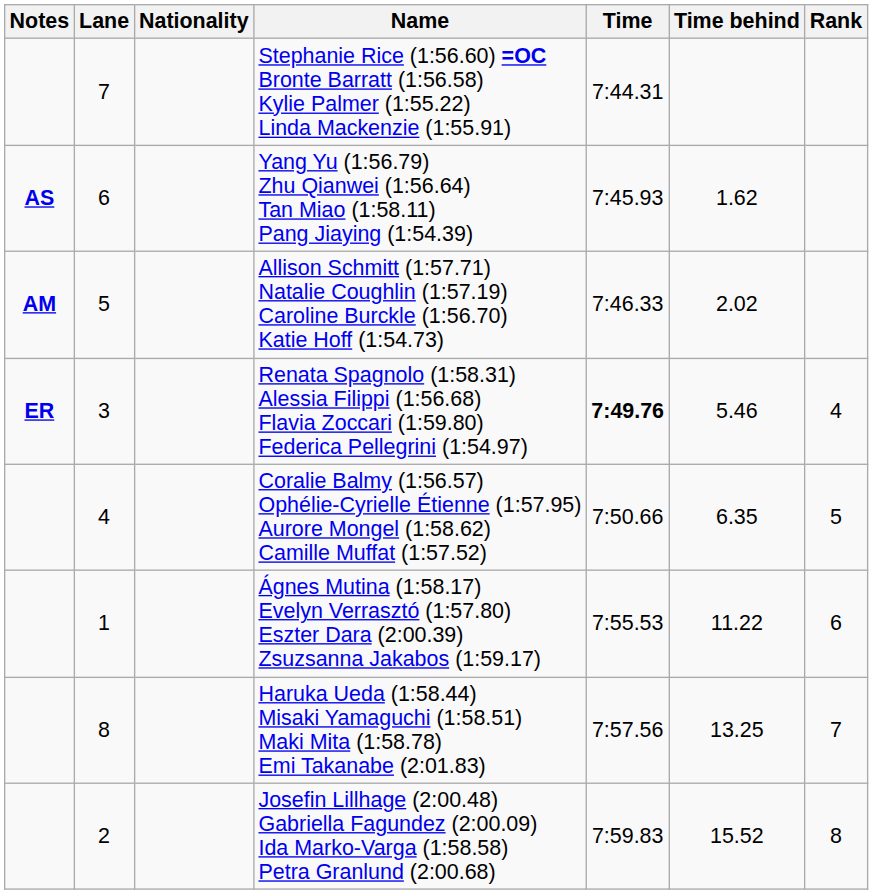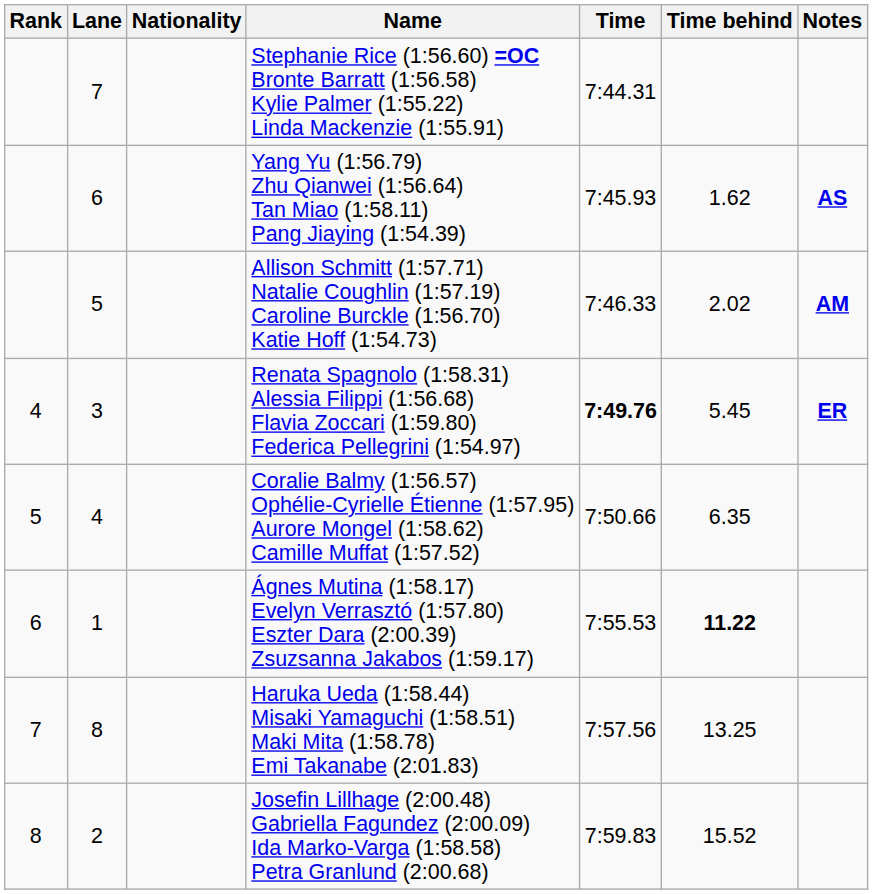 <table class="wikitable sortable" style=text-align:center>
 <tr>
-<th>Notes</th>
+<th>Rank</th>
 <th>Lane</th>
 <th>Nationality</th>
 <th>Name</th>
 <th>Time</th>
 <th>Time behind</th>
-<th>Rank</th>
+<th>Notes</th>
 </tr>
 <tr>
 <td></td>
 <td>7</td>
 <td align=left></td>
 <td align=left><a href='#'>Stephanie Rice</a> (1:56.60) <strong><a href='#'>=OC</a></strong> <br> <a href='#'>Bronte Barratt</a> (1:56.58)  <br><a href='#'>Kylie Palmer</a> (1:55.22) <br><a href='#'>Linda Mackenzie</a> (1:55.91)</td>
 <td>7:44.31</td>
 <td></td>
 <td></td>
 </tr>
 <tr>
-<td><strong><a href='#'>AS</a></strong></td>
+<td></td>
 <td>6</td>
 <td align=left></td>
 <td align=left><a href='#'>Yang Yu</a> (1:56.79) <br> <a href='#'>Zhu Qianwei</a> (1:56.64)  <br><a href='#'>Tan Miao</a> (1:58.11) <br><a href='#'>Pang Jiaying</a> (1:54.39)</td>
 <td>7:45.93</td>
 <td>1.62</td>
-<td></td>
+<td><strong><a href='#'>AS</a></strong></td>
 </tr>
 <tr>
-<td><strong><a href='#'>AM</a></strong></td>
+<td></td>
 <td>5</td>
 <td align=left></td>
 <td align=left><a href='#'>Allison Schmitt</a> (1:57.71) <br> <a href='#'>Natalie Coughlin</a> (1:57.19) <br><a href='#'>Caroline Burckle</a> (1:56.70)<br><a href='#'>Katie Hoff</a> (1:54.73)</td>
 <td>7:46.33</td>
 <td>2.02</td>
-<td></td>
+<td><strong><a href='#'>AM</a></strong></td>
 </tr>
 <tr>
-<td><strong><a href='#'>ER</a></strong></td>
+<td>4</td>
 <td>3</td>
 <td align=left></td>
 <td align=left><a href='#'>Renata Spagnolo</a> (1:58.31) <br> <a href='#'>Alessia Filippi</a> (1:56.68) <br><a href='#'>Flavia Zoccari</a> (1:59.80) <br><a href='#'>Federica Pellegrini</a> (1:54.97)</td>
 <td><strong>7:49.76</strong></td>
-<td>5.46</td>
-<td>4</td>
+<td>5.45</td>
+<td><strong><a href='#'>ER</a></strong></td>
 </tr>
 <tr>
-<td></td>
+<td>5</td>
 <td>4</td>
 <td align=left></td>
 <td align=left><a href='#'>Coralie Balmy</a> (1:56.57) <br> <a href='#'>Ophélie-Cyrielle Étienne</a> (1:57.95) <br><a href='#'>Aurore Mongel</a> (1:58.62) <br><a href='#'>Camille Muffat</a> (1:57.52)</td>
 <td>7:50.66</td>
 <td>6.35</td>
-<td>5</td>
+<td></td>
 </tr>
 <tr>
-<td></td>
+<td>6</td>
 <td>1</td>
 <td align=left></td>
 <td align=left><a href='#'>Ágnes Mutina</a> (1:58.17) <br> <a href='#'>Evelyn Verrasztó</a> (1:57.80) <br><a href='#'>Eszter Dara</a> (2:00.39) <br><a href='#'>Zsuzsanna Jakabos</a> (1:59.17)</td>
 <td>7:55.53</td>
-<td>11.22</td>
-<td>6</td>
+<td><strong>11.22</strong></td>
+<td></td>
 </tr>
 <tr>
-<td></td>
+<td>7</td>
 <td>8</td>
 <td align=left></td>
 <td align=left><a href='#'>Haruka Ueda</a> (1:58.44) <br> <a href='#'>Misaki Yamaguchi</a> (1:58.51) <br><a href='#'>Maki Mita</a> (1:58.78) <br><a href='#'>Emi Takanabe</a> (2:01.83)</td>
 <td>7:57.56</td>
 <td>13.25</td>
-<td>7</td>
+<td></td>
 </tr>
 <tr>
-<td></td>
+<td>8</td>
 <td>2</td>
 <td align=left></td>
 <td align=left><a href='#'>Josefin Lillhage</a> (2:00.48)<br> <a href='#'>Gabriella Fagundez</a> (2:00.09) <br><a href='#'>Ida Marko-Varga</a> (1:58.58) <br><a href='#'>Petra Granlund</a> (2:00.68)</td>
 <td>7:59.83</td>
 <td>15.52</td>
-<td>8</td>
+<td></td>
 </tr>
 </table>
